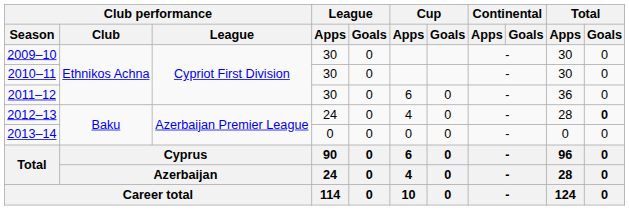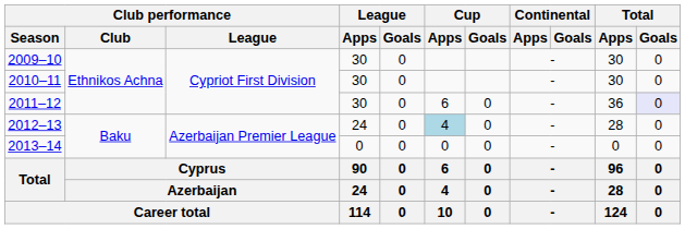 <table class="wikitable" style="text-align:center;">
 <tr>
 <th colspan=3>Club performance</th>
 <th colspan=2>League</th>
 <th colspan=2>Cup</th>
 <th colspan=2>Continental</th>
 <th colspan=2>Total</th>
 </tr>
 <tr>
 <th>Season</th>
 <th>Club</th>
 <th>League</th>
 <th>Apps</th>
 <th>Goals</th>
 <th>Apps</th>
 <th>Goals</th>
 <th>Apps</th>
 <th>Goals</th>
 <th>Apps</th>
 <th>Goals</th>
 </tr>
 <tr>
 <td><a href='#'>2009–10</a></td>
 <td rowspan="3"><a href='#'>Ethnikos Achna</a></td>
 <td rowspan="3"><a href='#'>Cypriot First Division</a></td>
 <td>30</td>
 <td>0</td>
 <td></td>
 <td></td>
 <td colspan="2">-</td>
 <td>30</td>
 <td>0</td>
 </tr>
 <tr>
 <td><a href='#'>2010–11</a></td>
 <td>30</td>
 <td>0</td>
 <td></td>
 <td></td>
 <td colspan="2">-</td>
 <td>30</td>
 <td>0</td>
 </tr>
 <tr>
 <td><a href='#'>2011–12</a></td>
 <td>30</td>
 <td>0</td>
 <td>6</td>
 <td>0</td>
 <td colspan="2">-</td>
 <td>36</td>
-<td>0</td>
+<td style="background: lavender;">0</td>
 </tr>
 <tr>
 <td><a href='#'>2012–13</a></td>
 <td rowspan="2"><a href='#'>Baku</a></td>
 <td rowspan="2"><a href='#'>Azerbaijan Premier League</a></td>
 <td>24</td>
 <td>0</td>
-<td>4</td>
+<td style="background: lightblue;">4</td>
 <td>0</td>
 <td colspan="2">-</td>
 <td>28</td>
-<td><strong>0</strong></td>
+<td>0</td>
 </tr>
 <tr>
 <td><a href='#'>2013–14</a></td>
 <td>0</td>
 <td>0</td>
 <td>0</td>
 <td>0</td>
 <td colspan="2">-</td>
 <td>0</td>
 <td>0</td>
 </tr>
 <tr>
 <th rowspan=2>Total</th>
 <th colspan=2>Cyprus</th>
 <th>90</th>
 <th>0</th>
 <th>6</th>
 <th>0</th>
 <th colspan="2">-</th>
 <th>96</th>
 <th>0</th>
 </tr>
 <tr>
 <th colspan=2>Azerbaijan</th>
 <th>24</th>
 <th>0</th>
 <th>4</th>
 <th>0</th>
 <th colspan="2">-</th>
 <th>28</th>
 <th>0</th>
 </tr>
 <tr>
 <th colspan=3>Career total</th>
 <th>114</th>
 <th>0</th>
 <th>10</th>
 <th>0</th>
 <th colspan="2">-</th>
 <th>124</th>
 <th>0</th>
 </tr>
 </table>
